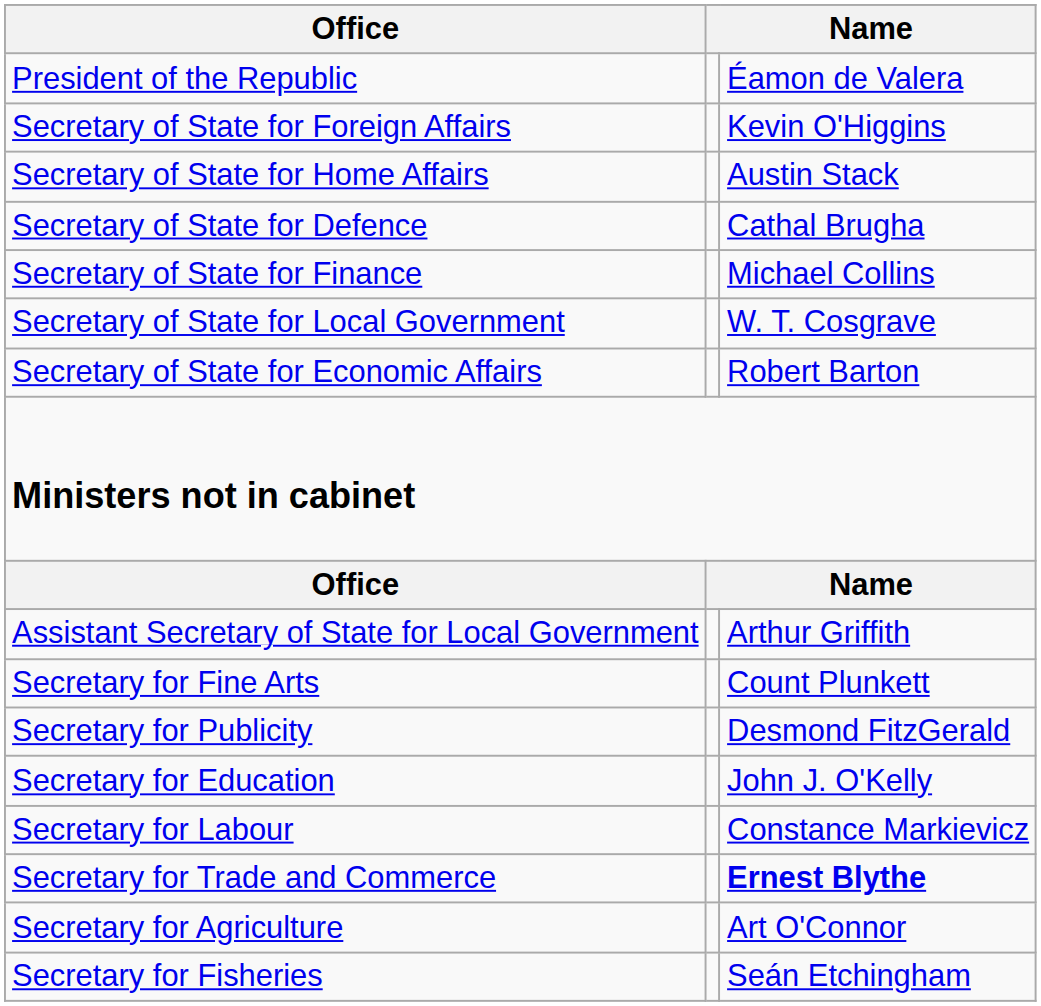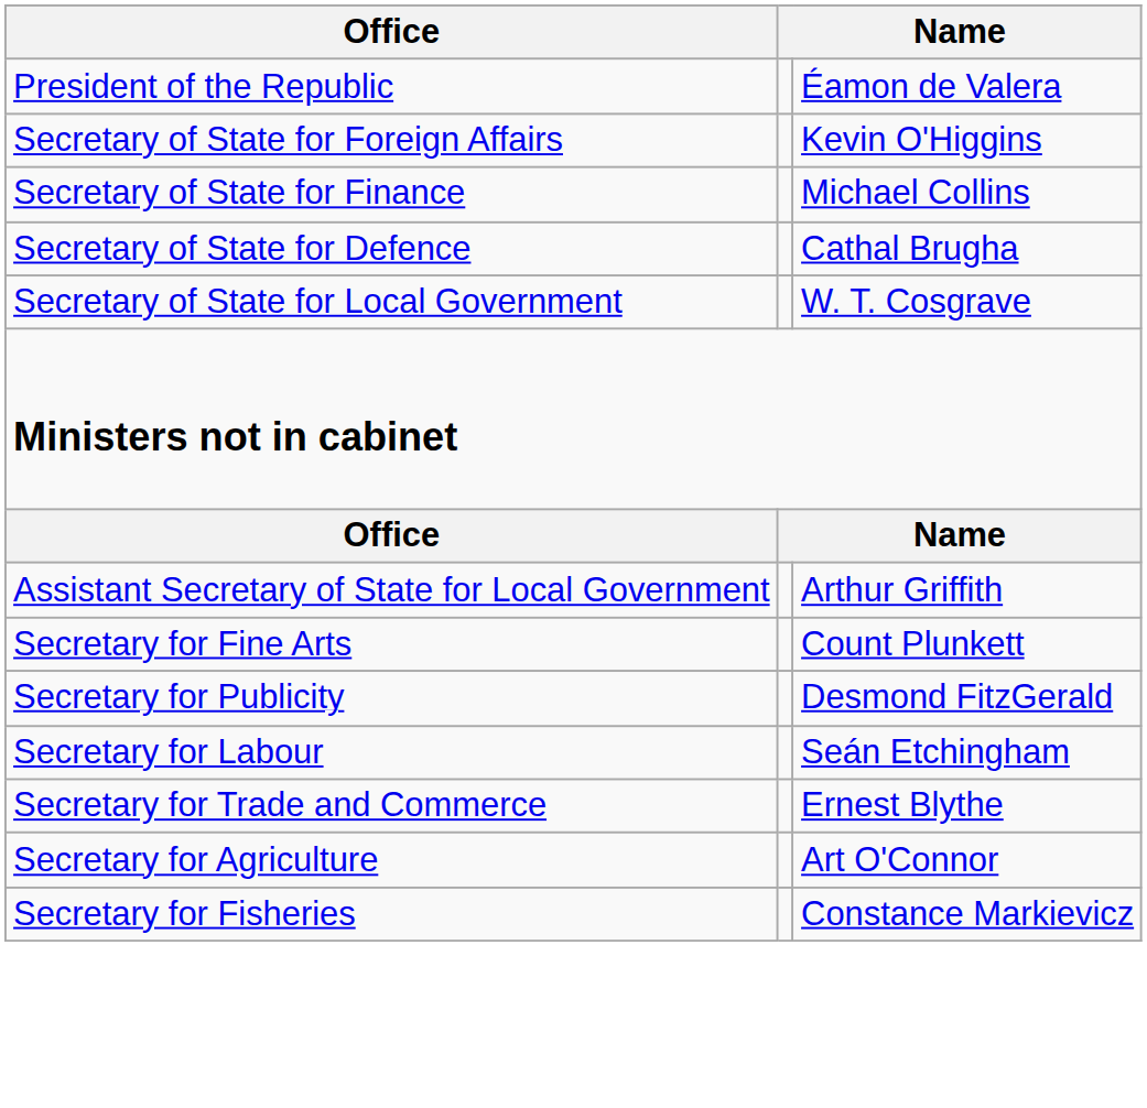 <table class="wikitable">
 <tr>
 <th>Office</th>
 <th colspan="2">Name</th>
 </tr>
 <tr>
 <td><a href='#'>President of the Republic</a></td>
 <td style="background-color: "></td>
 <td><a href='#'>Éamon de Valera</a></td>
 </tr>
 <tr>
 <td><a href='#'>Secretary of State for Foreign Affairs</a></td>
 <td style="background-color: "></td>
 <td><a href='#'>Kevin O'Higgins</a></td>
 </tr>
 <tr>
-<td><a href='#'>Secretary of State for Home Affairs</a></td>
+<td><a href='#'>Secretary of State for Finance</a></td>
 <td style="background-color: "></td>
-<td><a href='#'>Austin Stack</a></td>
+<td><a href='#'>Michael Collins</a></td>
 </tr>
 <tr>
 <td><a href='#'>Secretary of State for Defence</a></td>
 <td style="background-color: "></td>
 <td><a href='#'>Cathal Brugha</a></td>
 </tr>
 <tr>
-<td><a href='#'>Secretary of State for Finance</a></td>
-<td style="background-color: "></td>
-<td><a href='#'>Michael Collins</a></td>
-</tr>
-<tr>
 <td><a href='#'>Secretary of State for Local Government</a></td>
 <td style="background-color: "></td>
 <td><a href='#'>W. T. Cosgrave</a></td>
-</tr>
-<tr>
-<td><a href='#'>Secretary of State for Economic Affairs</a></td>
-<td style="background-color: "></td>
-<td><a href='#'>Robert Barton</a></td>
 </tr>
 <tr>
 <td colspan="3"><br><h3>Ministers not in cabinet</h3></td>
 </tr>
 <tr>
 <th>Office</th>
 <th colspan="2">Name</th>
 </tr>
 <tr>
 <td><a href='#'>Assistant Secretary of State for Local Government</a></td>
 <td style="background-color: "></td>
 <td><a href='#'>Arthur Griffith</a></td>
 </tr>
 <tr>
 <td><a href='#'>Secretary for Fine Arts</a></td>
 <td style="background-color: "></td>
 <td><a href='#'>Count Plunkett</a></td>
 </tr>
 <tr>
 <td><a href='#'>Secretary for Publicity</a></td>
 <td style="background-color: "></td>
 <td><a href='#'>Desmond FitzGerald</a></td>
 </tr>
 <tr>
-<td><a href='#'>Secretary for Education</a></td>
-<td style="background-color: "></td>
-<td><a href='#'>John J. O'Kelly</a></td>
-</tr>
-<tr>
 <td><a href='#'>Secretary for Labour</a></td>
 <td style="background-color: "></td>
-<td><a href='#'>Constance Markievicz</a></td>
+<td><a href='#'>Seán Etchingham</a></td>
 </tr>
 <tr>
 <td><a href='#'>Secretary for Trade and Commerce</a></td>
 <td style="background-color: "></td>
-<td><strong><a href='#'>Ernest Blythe</a></strong></td>
+<td><a href='#'>Ernest Blythe</a></td>
 </tr>
 <tr>
 <td><a href='#'>Secretary for Agriculture</a></td>
 <td style="background-color: "></td>
 <td><a href='#'>Art O'Connor</a></td>
 </tr>
 <tr>
 <td><a href='#'>Secretary for Fisheries</a></td>
 <td style="background-color: "></td>
-<td><a href='#'>Seán Etchingham</a></td>
+<td><a href='#'>Constance Markievicz</a></td>
 </tr>
 </table>
